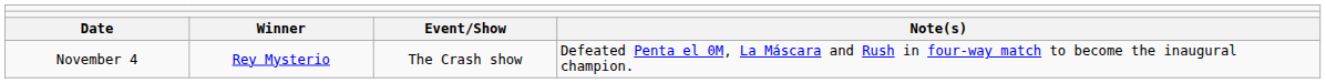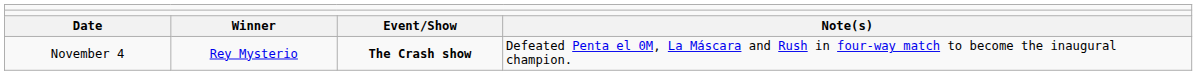 <table class="wikitable" style="text-align:center; width:100%;">
 <tr>
 <td colspan="5"></td>
 </tr>
 <tr>
 <td colspan="5"><strong></strong></td>
 </tr>
 <tr>
 <th width=14%>Date</th>
 <th width=14%>Winner</th>
 <th width=14%>Event/Show</th>
 <th width=58%>Note(s)</th>
 </tr>
 <tr>
 <td>November 4</td>
 <td><a href='#'>Rey Mysterio</a></td>
-<td>The Crash show</td>
+<td><strong>The Crash show</strong></td>
 <td align=left>Defeated <a href='#'>Penta el 0M</a>, <a href='#'>La Máscara</a> and <a href='#'>Rush</a> in <a href='#'>four-way match</a> to become the inaugural champion.</td>
 </tr>
 </table>
